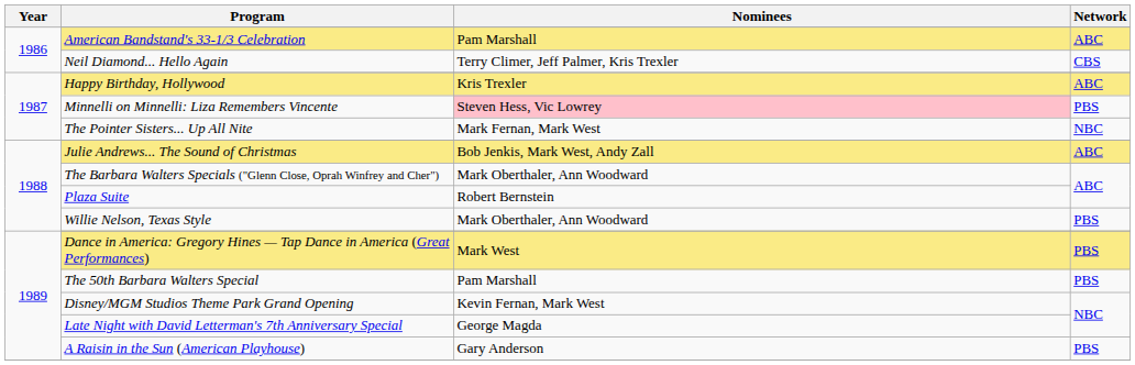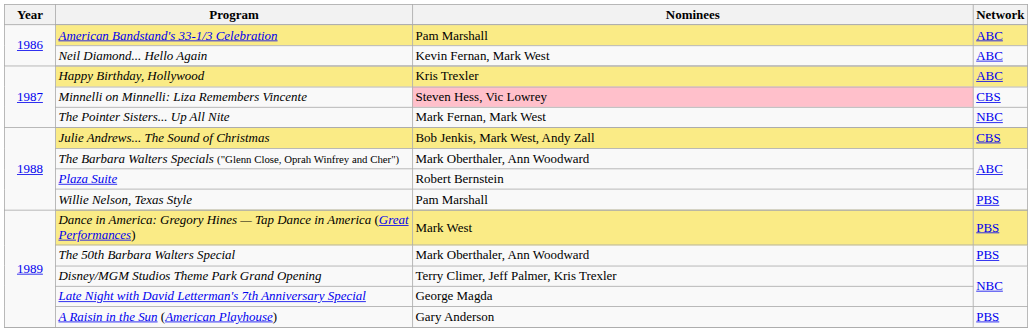 <table class="wikitable" style="width:100%">
 <tr style="background:#bebebe;">
 <th style="width:5%;">Year</th>
 <th style="width:35%;">Program</th>
 <th style="width:55%;">Nominees</th>
 <th style="width:5%;">Network</th>
 </tr>
 <tr>
 <td rowspan=3 style="text-align:center;"><a href='#'>1986</a><br></td>
 </tr>
 <tr style="background:#FAEB86;">
 <td><em><a href='#'>American Bandstand's 33-1/3 Celebration</a></em></td>
 <td>Pam Marshall</td>
 <td><a href='#'>ABC</a></td>
 </tr>
 <tr>
 <td><em>Neil Diamond... Hello Again</em></td>
-<td>Terry Climer, Jeff Palmer, Kris Trexler</td>
-<td><a href='#'>CBS</a></td>
+<td>Kevin Fernan, Mark West</td>
+<td><a href='#'>ABC</a></td>
 </tr>
 <tr>
 <td rowspan=4 style="text-align:center;"><a href='#'>1987</a><br></td>
 </tr>
 <tr style="background:#FAEB86;">
 <td><em>Happy Birthday, Hollywood</em></td>
 <td>Kris Trexler</td>
 <td><a href='#'>ABC</a></td>
 </tr>
 <tr>
 <td><em>Minnelli on Minnelli: Liza Remembers Vincente</em></td>
 <td style="background: pink;">Steven Hess, Vic Lowrey</td>
-<td><a href='#'>PBS</a></td>
+<td><a href='#'>CBS</a></td>
 </tr>
 <tr>
 <td><em>The Pointer Sisters... Up All Nite</em></td>
 <td>Mark Fernan, Mark West</td>
 <td><a href='#'>NBC</a></td>
 </tr>
 <tr>
 <td rowspan=5 style="text-align:center;"><a href='#'>1988</a><br></td>
 </tr>
 <tr style="background:#FAEB86;">
 <td><em>Julie Andrews... The Sound of Christmas</em></td>
 <td>Bob Jenkis, Mark West, Andy Zall</td>
-<td><a href='#'>ABC</a></td>
+<td><a href='#'>CBS</a></td>
 </tr>
 <tr>
 <td><em>The Barbara Walters Specials</em> <small>("Glenn Close, Oprah Winfrey and Cher")</small></td>
 <td>Mark Oberthaler, Ann Woodward</td>
 <td rowspan=2><a href='#'>ABC</a></td>
 </tr>
 <tr>
 <td><em><a href='#'>Plaza Suite</a></em></td>
 <td>Robert Bernstein</td>
 </tr>
 <tr>
 <td><em>Willie Nelson, Texas Style</em></td>
-<td>Mark Oberthaler, Ann Woodward</td>
+<td>Pam Marshall</td>
 <td><a href='#'>PBS</a></td>
 </tr>
 <tr>
 <td rowspan=6 style="text-align:center;"><a href='#'>1989</a><br></td>
 </tr>
 <tr style="background:#FAEB86;">
 <td><em>Dance in America: Gregory Hines — Tap Dance in America</em> (<em><a href='#'>Great Performances</a></em>)</td>
 <td>Mark West</td>
 <td><a href='#'>PBS</a></td>
 </tr>
 <tr>
 <td><em>The 50th Barbara Walters Special</em></td>
-<td>Pam Marshall</td>
+<td>Mark Oberthaler, Ann Woodward</td>
 <td><a href='#'>PBS</a></td>
 </tr>
 <tr>
 <td><em>Disney/MGM Studios Theme Park Grand Opening</em></td>
-<td>Kevin Fernan, Mark West</td>
+<td>Terry Climer, Jeff Palmer, Kris Trexler</td>
 <td rowspan=2><a href='#'>NBC</a></td>
 </tr>
 <tr>
 <td><em><a href='#'>Late Night with David Letterman's 7th Anniversary Special</a></em></td>
 <td>George Magda</td>
 </tr>
 <tr>
 <td><em><a href='#'>A Raisin in the Sun</a></em> (<em><a href='#'>American Playhouse</a></em>)</td>
 <td>Gary Anderson</td>
 <td><a href='#'>PBS</a></td>
 </tr>
 <tr>
 </tr>
 </table>
